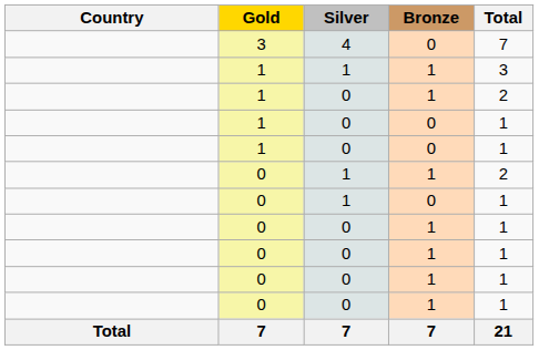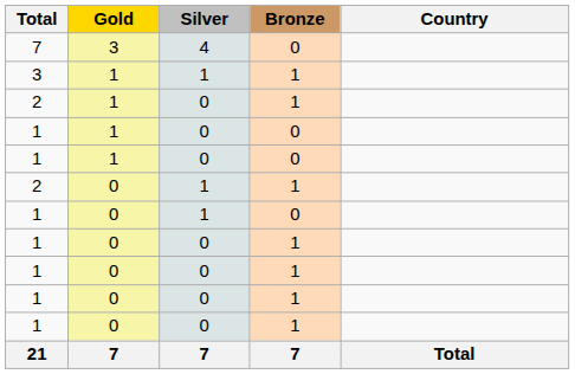 <table class="wikitable" style="text-align:center;">
 <tr>
-<th width="200">Country</th>
+<th width="50">Total</th>
 <th width="75" style="background-color:gold"> Gold</th>
 <th width="75" style="background-color:silver"> Silver</th>
 <th width="75" style="background-color:#cc9966"> Bronze</th>
-<th width="50">Total</th>
+<th width="200">Country</th>
 </tr>
 <tr>
-<td style="text-align:left;"></td>
+<td>7</td>
 <td style="background-color:#F7F6A8;">3</td>
 <td style="background-color:#DCE5E5;">4</td>
 <td style="background-color:#FFDAB9;">0</td>
-<td>7</td>
+<td style="text-align:left;"></td>
 </tr>
 <tr>
-<td style="text-align:left;"></td>
+<td>3</td>
 <td style="background-color:#F7F6A8;">1</td>
 <td style="background-color:#DCE5E5;">1</td>
 <td style="background-color:#FFDAB9;">1</td>
-<td>3</td>
+<td style="text-align:left;"></td>
 </tr>
 <tr>
-<td style="text-align:left;"></td>
+<td>2</td>
 <td style="background-color:#F7F6A8;">1</td>
 <td style="background-color:#DCE5E5;">0</td>
 <td style="background-color:#FFDAB9;">1</td>
-<td>2</td>
+<td style="text-align:left;"></td>
 </tr>
 <tr>
-<td style="text-align:left;"></td>
+<td>1</td>
 <td style="background-color:#F7F6A8;">1</td>
 <td style="background-color:#DCE5E5;">0</td>
 <td style="background-color:#FFDAB9;">0</td>
-<td>1</td>
+<td style="text-align:left;"></td>
 </tr>
 <tr>
-<td style="text-align:left;"></td>
+<td>1</td>
 <td style="background-color:#F7F6A8;">1</td>
 <td style="background-color:#DCE5E5;">0</td>
 <td style="background-color:#FFDAB9;">0</td>
-<td>1</td>
+<td style="text-align:left;"></td>
 </tr>
 <tr>
-<td style="text-align:left;"></td>
+<td>2</td>
 <td style="background-color:#F7F6A8;">0</td>
 <td style="background-color:#DCE5E5;">1</td>
 <td style="background-color:#FFDAB9;">1</td>
-<td>2</td>
+<td style="text-align:left;"></td>
 </tr>
 <tr>
-<td style="text-align:left;"></td>
+<td>1</td>
 <td style="background-color:#F7F6A8;">0</td>
 <td style="background-color:#DCE5E5;">1</td>
 <td style="background-color:#FFDAB9;">0</td>
-<td>1</td>
+<td style="text-align:left;"></td>
 </tr>
 <tr>
-<td style="text-align:left;"></td>
+<td>1</td>
 <td style="background-color:#F7F6A8;">0</td>
 <td style="background-color:#DCE5E5;">0</td>
 <td style="background-color:#FFDAB9;">1</td>
-<td>1</td>
+<td style="text-align:left;"></td>
 </tr>
 <tr>
-<td style="text-align:left;"></td>
+<td>1</td>
 <td style="background-color:#F7F6A8;">0</td>
 <td style="background-color:#DCE5E5;">0</td>
 <td style="background-color:#FFDAB9;">1</td>
-<td>1</td>
+<td style="text-align:left;"></td>
 </tr>
 <tr>
-<td style="text-align:left;"></td>
+<td>1</td>
 <td style="background-color:#F7F6A8;">0</td>
 <td style="background-color:#DCE5E5;">0</td>
 <td style="background-color:#FFDAB9;">1</td>
-<td>1</td>
+<td style="text-align:left;"></td>
 </tr>
 <tr>
-<td style="text-align:left;"></td>
+<td>1</td>
 <td style="background-color:#F7F6A8;">0</td>
 <td style="background-color:#DCE5E5;">0</td>
 <td style="background-color:#FFDAB9;">1</td>
-<td>1</td>
+<td style="text-align:left;"></td>
 </tr>
 <tr>
-<th>Total</th>
+<th>21</th>
 <th>7</th>
 <th>7</th>
 <th>7</th>
-<th>21</th>
+<th>Total</th>
 </tr>
 </table>
